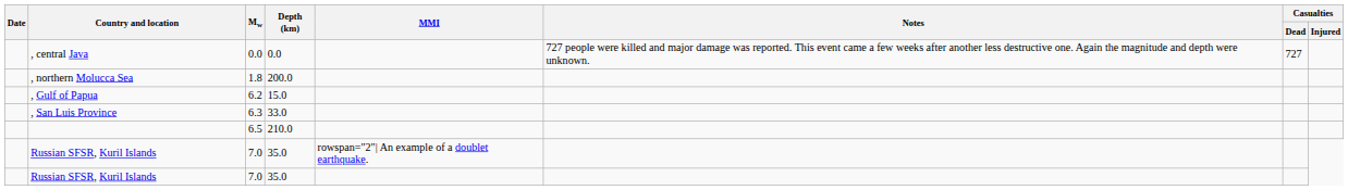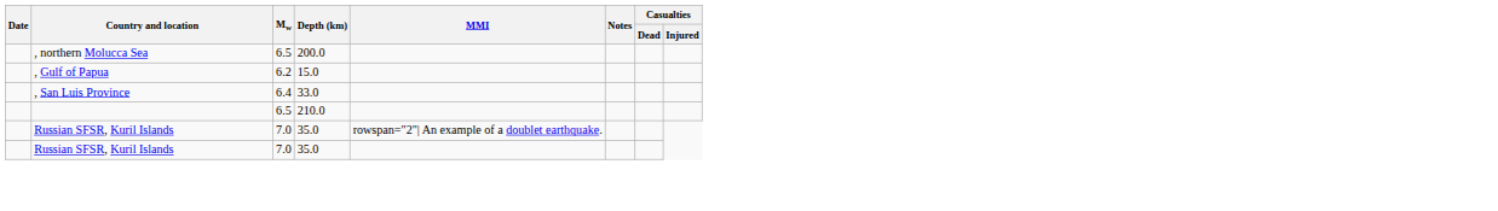 <table class="wikitable sortable sort-under" style="border:1px black; margin-left:1em;">
 <tr>
 <th rowspan="2"><small>Date</small></th>
 <th rowspan="2" style="width: 310px"><small>Country and location</small></th>
 <th rowspan="2"><small>M<sub>w</sub></small></th>
 <th rowspan="2"><small>Depth (km)</small></th>
 <th rowspan="2"><small><a href='#'>MMI</a></small></th>
 <th rowspan="2" class="unsortable"><small>Notes</small></th>
 <th colspan="2"><small>Casualties</small></th>
 </tr>
 <tr>
 <th><small>Dead</small></th>
 <th><small>Injured</small></th>
 </tr>
 <tr>
 <td></td>
-<td>, central <a href='#'>Java</a></td>
-<td>0.0</td>
-<td>0.0</td>
-<td></td>
-<td>727 people were killed and major damage was reported. This event came a few weeks after another less destructive one. Again the magnitude and depth were unknown.</td>
-<td>727</td>
-<td></td>
-</tr>
-<tr>
-<td></td>
 <td>, northern <a href='#'>Molucca Sea</a></td>
-<td>1.8</td>
+<td>6.5</td>
 <td>200.0</td>
 <td></td>
 <td></td>
 <td></td>
 <td></td>
 </tr>
 <tr>
 <td></td>
 <td>, <a href='#'>Gulf of Papua</a></td>
 <td>6.2</td>
 <td>15.0</td>
 <td></td>
 <td></td>
 <td></td>
 <td></td>
 </tr>
 <tr>
 <td></td>
 <td>, <a href='#'>San Luis Province</a></td>
-<td>6.3</td>
+<td>6.4</td>
 <td>33.0</td>
 <td></td>
 <td></td>
 <td></td>
 <td></td>
 </tr>
 <tr>
 <td></td>
 <td></td>
 <td>6.5</td>
 <td>210.0</td>
 <td></td>
 <td></td>
 <td></td>
 <td></td>
 </tr>
 <tr>
 <td></td>
 <td> <a href='#'>Russian SFSR</a>, <a href='#'>Kuril Islands</a></td>
 <td>7.0</td>
 <td>35.0</td>
 <td>rowspan="2"| An example of a <a href='#'>doublet earthquake</a>.</td>
 <td></td>
 <td></td>
 </tr>
 <tr>
 <td></td>
 <td> <a href='#'>Russian SFSR</a>, <a href='#'>Kuril Islands</a></td>
 <td>7.0</td>
 <td>35.0</td>
 <td></td>
 <td></td>
 <td></td>
 </tr>
 </table>
